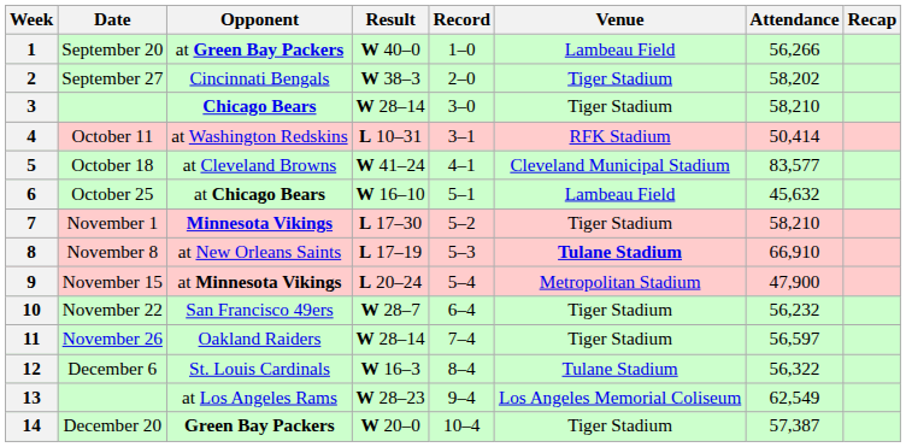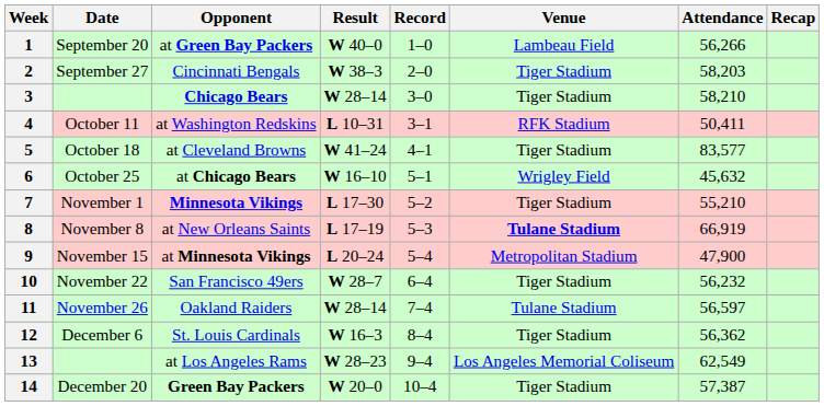 <table class="wikitable" style="text-align:center">
 <tr>
 <th>Week</th>
 <th>Date</th>
 <th>Opponent</th>
 <th>Result</th>
 <th>Record</th>
 <th>Venue</th>
 <th>Attendance</th>
 <th>Recap</th>
 </tr>
 <tr style="background:#cfc">
 <th>1</th>
 <td>September 20</td>
 <td>at <strong><a href='#'>Green Bay Packers</a></strong></td>
 <td><strong>W</strong> 40–0</td>
 <td>1–0</td>
 <td><a href='#'>Lambeau Field</a></td>
 <td>56,266</td>
 <td></td>
 </tr>
 <tr style="background:#cfc">
 <th>2</th>
 <td>September 27</td>
 <td><a href='#'>Cincinnati Bengals</a></td>
 <td><strong>W</strong> 38–3</td>
 <td>2–0</td>
 <td><a href='#'>Tiger Stadium</a></td>
-<td>58,202</td>
+<td>58,203</td>
 <td></td>
 </tr>
 <tr style="background:#cfc">
 <th>3</th>
 <td></td>
 <td><strong><a href='#'>Chicago Bears</a></strong></td>
 <td><strong>W</strong> 28–14</td>
 <td>3–0</td>
 <td>Tiger Stadium</td>
 <td>58,210</td>
 <td></td>
 </tr>
 <tr style="background:#fcc">
 <th>4</th>
 <td>October 11</td>
 <td>at <a href='#'>Washington Redskins</a></td>
 <td><strong>L</strong> 10–31</td>
 <td>3–1</td>
 <td><a href='#'>RFK Stadium</a></td>
-<td>50,414</td>
+<td>50,411</td>
 <td></td>
 </tr>
 <tr style="background:#cfc">
 <th>5</th>
 <td>October 18</td>
 <td>at <a href='#'>Cleveland Browns</a></td>
 <td><strong>W</strong> 41–24</td>
 <td>4–1</td>
-<td><a href='#'>Cleveland Municipal Stadium</a></td>
+<td>Tiger Stadium</td>
 <td>83,577</td>
 <td></td>
 </tr>
 <tr style="background:#cfc">
 <th>6</th>
 <td>October 25</td>
 <td>at <strong>Chicago Bears</strong></td>
 <td><strong>W</strong> 16–10</td>
 <td>5–1</td>
-<td><a href='#'>Lambeau Field</a></td>
+<td><a href='#'>Wrigley Field</a></td>
 <td>45,632</td>
 <td></td>
 </tr>
 <tr style="background:#fcc">
 <th>7</th>
 <td>November 1</td>
 <td><strong><a href='#'>Minnesota Vikings</a></strong></td>
 <td><strong>L</strong> 17–30</td>
 <td>5–2</td>
 <td>Tiger Stadium</td>
-<td>58,210</td>
+<td>55,210</td>
 <td></td>
 </tr>
 <tr style="background:#fcc">
 <th>8</th>
 <td>November 8</td>
 <td>at <a href='#'>New Orleans Saints</a></td>
 <td><strong>L</strong> 17–19</td>
 <td>5–3</td>
 <td><strong><a href='#'>Tulane Stadium</a></strong></td>
-<td>66,910</td>
+<td>66,919</td>
 <td></td>
 </tr>
 <tr style="background:#fcc">
 <th>9</th>
 <td>November 15</td>
 <td>at <strong>Minnesota Vikings</strong></td>
 <td><strong>L</strong> 20–24</td>
 <td>5–4</td>
 <td><a href='#'>Metropolitan Stadium</a></td>
 <td>47,900</td>
 <td></td>
 </tr>
 <tr style="background:#cfc">
 <th>10</th>
 <td>November 22</td>
 <td><a href='#'>San Francisco 49ers</a></td>
 <td><strong>W</strong> 28–7</td>
 <td>6–4</td>
 <td>Tiger Stadium</td>
 <td>56,232</td>
 <td></td>
 </tr>
 <tr style="background:#cfc">
 <th>11</th>
 <td><a href='#'>November 26</a></td>
 <td><a href='#'>Oakland Raiders</a></td>
 <td><strong>W</strong> 28–14</td>
 <td>7–4</td>
-<td>Tiger Stadium</td>
+<td><a href='#'>Tulane Stadium</a></td>
 <td>56,597</td>
 <td></td>
 </tr>
 <tr style="background:#cfc">
 <th>12</th>
 <td>December 6</td>
 <td><a href='#'>St. Louis Cardinals</a></td>
 <td><strong>W</strong> 16–3</td>
 <td>8–4</td>
-<td><a href='#'>Tulane Stadium</a></td>
-<td>56,322</td>
+<td>Tiger Stadium</td>
+<td>56,362</td>
 <td></td>
 </tr>
 <tr style="background:#cfc">
 <th>13</th>
 <td></td>
 <td>at <a href='#'>Los Angeles Rams</a></td>
 <td><strong>W</strong> 28–23</td>
 <td>9–4</td>
 <td><a href='#'>Los Angeles Memorial Coliseum</a></td>
 <td>62,549</td>
 <td></td>
 </tr>
 <tr style="background:#cfc">
 <th>14</th>
 <td>December 20</td>
 <td><strong>Green Bay Packers</strong></td>
 <td><strong>W</strong> 20–0</td>
 <td>10–4</td>
 <td>Tiger Stadium</td>
 <td>57,387</td>
 <td></td>
 </tr>
 </table>
